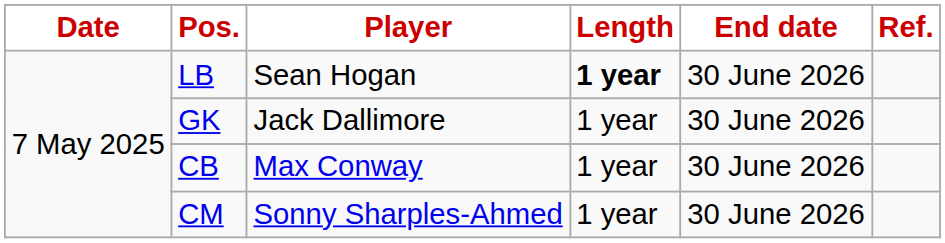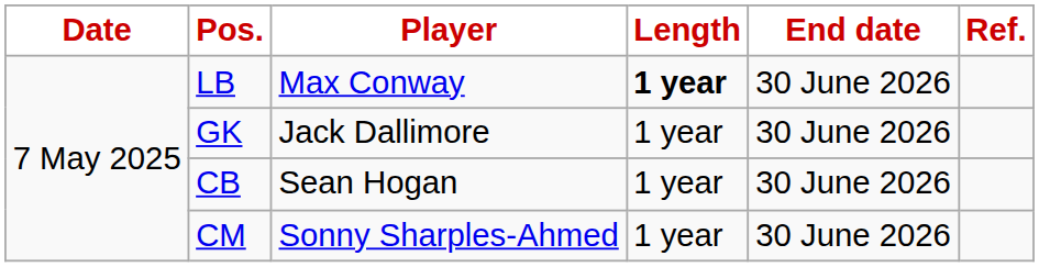 <table class="wikitable plainrowheaders sortable">
 <tr>
 <th style="background:#ffffff;color:#cc0000;">Date</th>
 <th style="background:#ffffff;color:#cc0000;">Pos.</th>
 <th style="background:#ffffff;color:#cc0000;">Player</th>
 <th style="background:#ffffff;color:#cc0000;">Length</th>
 <th style="background:#ffffff;color:#cc0000;">End date</th>
 <th style="background:#ffffff;color:#cc0000;">Ref.</th>
 </tr>
 <tr>
 <td rowspan="4">7 May 2025</td>
 <td><a href='#'>LB</a></td>
-<td> Sean Hogan</td>
+<td> <a href='#'>Max Conway</a></td>
 <td><strong>1 year</strong></td>
 <td>30 June 2026</td>
 <td></td>
 </tr>
 <tr>
 <td><a href='#'>GK</a></td>
 <td> Jack Dallimore</td>
 <td>1 year</td>
 <td>30 June 2026</td>
 <td></td>
 </tr>
 <tr>
 <td><a href='#'>CB</a></td>
-<td> <a href='#'>Max Conway</a></td>
+<td> Sean Hogan</td>
 <td>1 year</td>
 <td>30 June 2026</td>
 <td></td>
 </tr>
 <tr>
 <td><a href='#'>CM</a></td>
 <td> <a href='#'>Sonny Sharples-Ahmed</a></td>
 <td>1 year</td>
 <td>30 June 2026</td>
 <td></td>
 </tr>
 </table>
